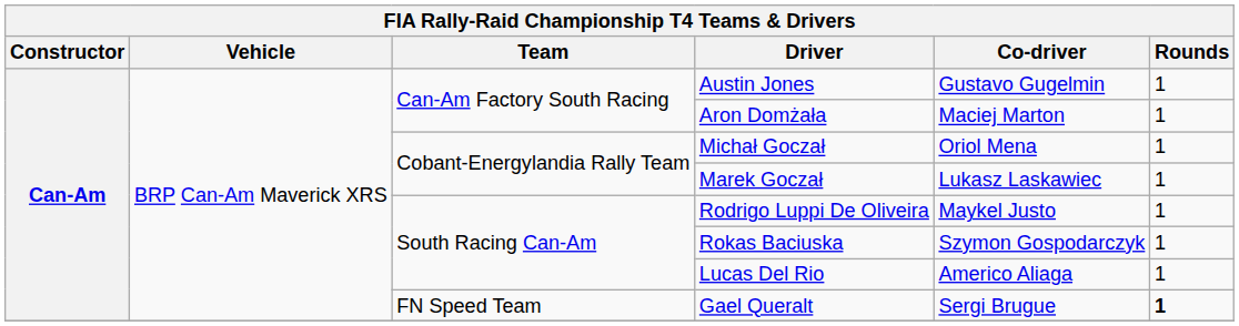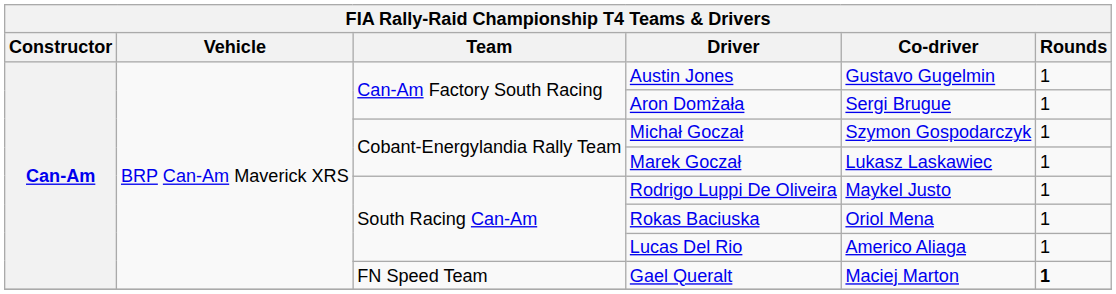 <table class="wikitable" style="font-size: 85%;">
 <tr>
 <th colspan=6><strong>FIA Rally-Raid Championship T4 Teams & Drivers</strong></th>
 </tr>
 <tr>
 <th>Constructor</th>
 <th>Vehicle</th>
 <th>Team</th>
 <th>Driver</th>
 <th>Co-driver</th>
 <th>Rounds</th>
 </tr>
 <tr>
 <th rowspan=8><a href='#'>Can-Am</a></th>
 <td rowspan=8><a href='#'>BRP</a> <a href='#'>Can-Am</a> Maverick XRS</td>
 <td rowspan=2><a href='#'>Can-Am</a> Factory South Racing</td>
 <td> <a href='#'>Austin Jones</a></td>
 <td> <a href='#'>Gustavo Gugelmin</a></td>
 <td>1</td>
 </tr>
 <tr>
 <td> <a href='#'>Aron Domżała</a></td>
-<td> <a href='#'>Maciej Marton</a></td>
+<td> <a href='#'>Sergi Brugue</a></td>
 <td>1</td>
 </tr>
 <tr>
 <td rowspan=2>Cobant-Energylandia Rally Team</td>
 <td> <a href='#'>Michał Goczał</a></td>
-<td> <a href='#'>Oriol Mena</a></td>
+<td> <a href='#'>Szymon Gospodarczyk</a></td>
 <td>1</td>
 </tr>
 <tr>
 <td> <a href='#'>Marek Goczał</a></td>
 <td> <a href='#'>Lukasz Laskawiec</a></td>
 <td>1</td>
 </tr>
 <tr>
 <td rowspan=3>South Racing <a href='#'>Can-Am</a></td>
 <td> <a href='#'>Rodrigo Luppi De Oliveira</a></td>
 <td> <a href='#'>Maykel Justo</a></td>
 <td>1</td>
 </tr>
 <tr>
 <td> <a href='#'>Rokas Baciuska</a></td>
-<td> <a href='#'>Szymon Gospodarczyk</a></td>
+<td> <a href='#'>Oriol Mena</a></td>
 <td>1</td>
 </tr>
 <tr>
 <td> <a href='#'>Lucas Del Rio</a></td>
 <td> <a href='#'>Americo Aliaga</a></td>
 <td>1</td>
 </tr>
 <tr>
 <td>FN Speed Team</td>
 <td> <a href='#'>Gael Queralt</a></td>
-<td> <a href='#'>Sergi Brugue</a></td>
+<td> <a href='#'>Maciej Marton</a></td>
 <td><strong>1</strong></td>
 </tr>
 <tr>
 </tr>
 </table>
